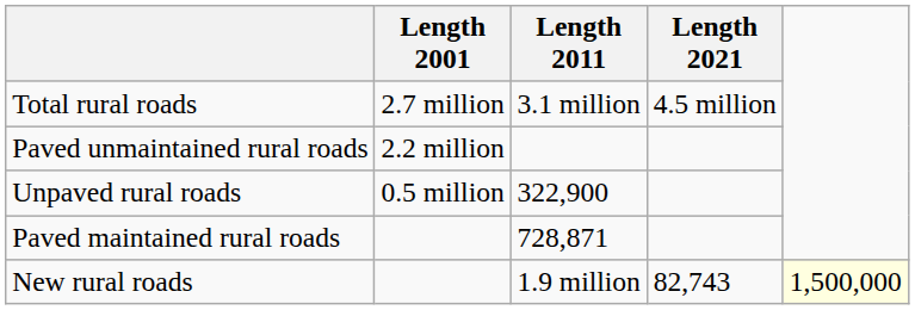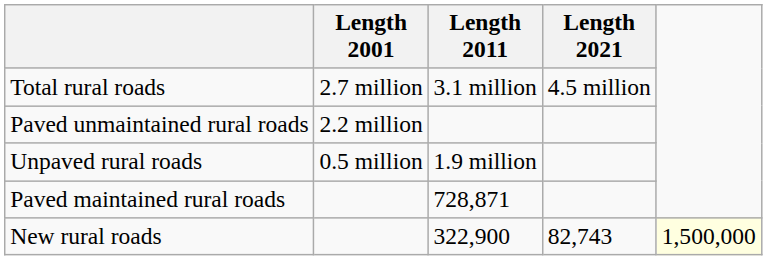 <table class="wikitable">
 <tr>
 <th></th>
 <th>Length <br> 2001</th>
 <th>Length <br> 2011</th>
 <th>Length <br> 2021</th>
 </tr>
 <tr>
 <td>Total rural roads</td>
 <td>2.7 million</td>
 <td>3.1 million</td>
 <td>4.5 million</td>
 </tr>
 <tr>
 <td>Paved unmaintained rural roads</td>
 <td>2.2 million</td>
 <td></td>
 <td></td>
 </tr>
 <tr>
 <td>Unpaved rural roads</td>
 <td>0.5 million</td>
-<td>322,900</td>
+<td>1.9 million</td>
 <td></td>
 </tr>
 <tr>
 <td>Paved maintained rural roads</td>
 <td></td>
 <td>728,871</td>
 <td></td>
 </tr>
 <tr>
 <td>New rural roads</td>
 <td></td>
-<td>1.9 million</td>
+<td>322,900</td>
 <td>82,743</td>
 <td style="background: lightyellow;">1,500,000</td>
 </tr>
 </table>
